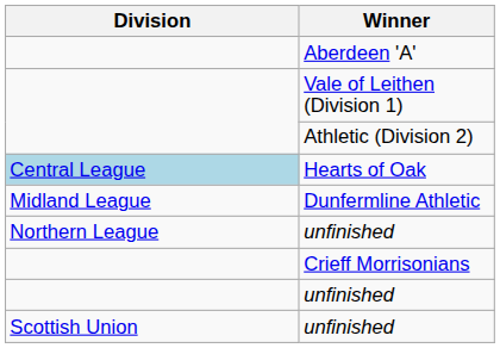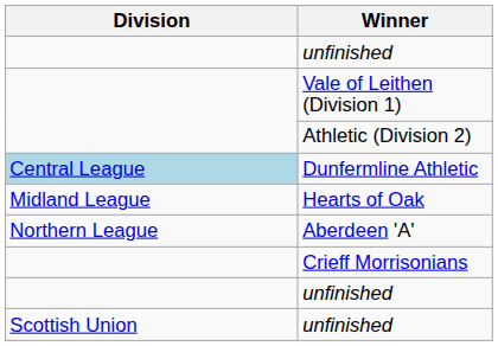 <table class="wikitable">
 <tr>
 <th width=230>Division</th>
 <th width=150>Winner</th>
 </tr>
 <tr>
 <td></td>
-<td><a href='#'>Aberdeen</a> 'A'</td>
+<td><em>unfinished</em></td>
 </tr>
 <tr>
 <td rowspan = "2"></td>
 <td><a href='#'>Vale of Leithen</a> (Division 1)</td>
 </tr>
 <tr>
 <td>Athletic (Division 2)</td>
 </tr>
 <tr>
 <td style="background: lightblue;"><a href='#'>Central League</a></td>
+<td><a href='#'>Dunfermline Athletic</a></td>
+</tr>
+<tr>
+<td><a href='#'>Midland League</a></td>
 <td><a href='#'>Hearts of Oak</a></td>
 </tr>
 <tr>
-<td><a href='#'>Midland League</a></td>
-<td><a href='#'>Dunfermline Athletic</a></td>
-</tr>
-<tr>
 <td><a href='#'>Northern League</a></td>
-<td><em>unfinished</em></td>
+<td><a href='#'>Aberdeen</a> 'A'</td>
 </tr>
 <tr>
 <td></td>
 <td><a href='#'>Crieff Morrisonians</a></td>
 </tr>
 <tr>
 <td></td>
 <td><em>unfinished</em></td>
 </tr>
 <tr>
 <td><a href='#'>Scottish Union</a></td>
 <td><em>unfinished</em></td>
 </tr>
 </table>
